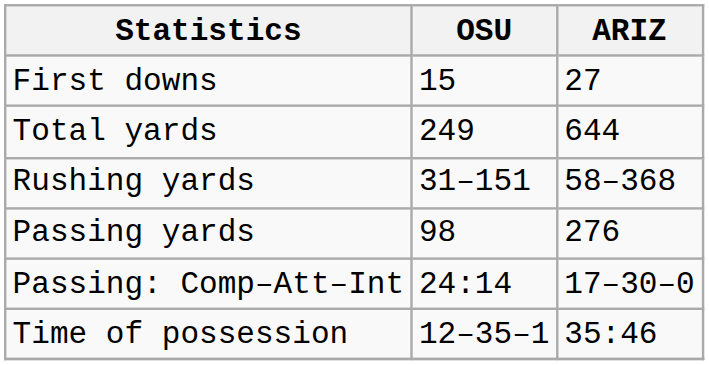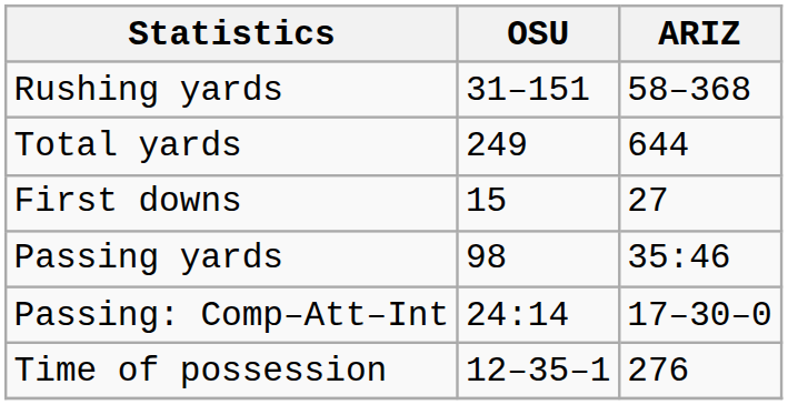 <table class="wikitable" style="float: left;">
 <tr>
 <th>Statistics</th>
 <th>OSU</th>
 <th>ARIZ</th>
 </tr>
 <tr>
-<td>First downs</td>
-<td>15</td>
-<td>27</td>
+<td>Rushing yards</td>
+<td>31–151</td>
+<td>58–368</td>
 </tr>
 <tr>
 <td>Total yards</td>
 <td>249</td>
 <td>644</td>
 </tr>
 <tr>
-<td>Rushing yards</td>
-<td>31–151</td>
-<td>58–368</td>
+<td>First downs</td>
+<td>15</td>
+<td>27</td>
 </tr>
 <tr>
 <td>Passing yards</td>
 <td>98</td>
-<td>276</td>
+<td>35:46</td>
 </tr>
 <tr>
 <td>Passing: Comp–Att–Int</td>
 <td>24:14</td>
 <td>17–30–0</td>
 </tr>
 <tr>
 <td>Time of possession</td>
 <td>12–35–1</td>
-<td>35:46</td>
+<td>276</td>
 </tr>
 <tr>
 </tr>
 </table>
